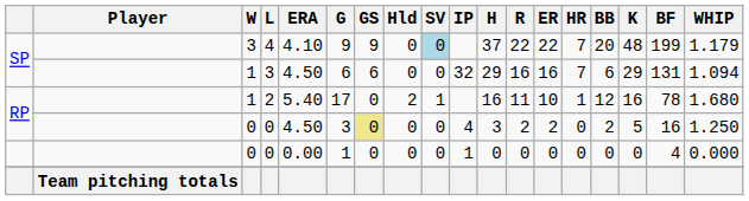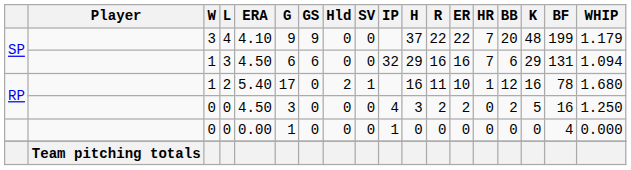 <table class="wikitable sortable sticky-header" style="text-align:right; font-size:88%;">
 <tr>
 <th></th>
 <th>Player</th>
 <th>W</th>
 <th>L</th>
 <th>ERA</th>
 <th>G</th>
 <th>GS</th>
 <th>Hld</th>
 <th>SV</th>
 <th>IP</th>
 <th>H</th>
 <th>R</th>
 <th>ER</th>
 <th>HR</th>
 <th>BB</th>
 <th>K</th>
 <th>BF</th>
 <th>WHIP</th>
 </tr>
 <tr>
 <td rowspan="2" align=center><a href='#'>SP</a></td>
 <td style=text-align:left></td>
 <td>3</td>
 <td>4</td>
 <td>4.10</td>
 <td>9</td>
 <td>9</td>
 <td>0</td>
-<td style="background: lightblue;">0</td>
+<td>0</td>
 <td></td>
 <td>37</td>
 <td>22</td>
 <td>22</td>
 <td>7</td>
 <td>20</td>
 <td>48</td>
 <td>199</td>
 <td>1.179</td>
 </tr>
 <tr>
 <td style=text-align:left></td>
 <td>1</td>
 <td>3</td>
 <td>4.50</td>
 <td>6</td>
 <td>6</td>
 <td>0</td>
 <td>0</td>
 <td>32</td>
 <td>29</td>
 <td>16</td>
 <td>16</td>
 <td>7</td>
 <td>6</td>
 <td>29</td>
 <td>131</td>
 <td>1.094</td>
 </tr>
 <tr>
 <td rowspan="2" align=center><a href='#'>RP</a></td>
 <td style=text-align:left></td>
 <td>1</td>
 <td>2</td>
 <td>5.40</td>
 <td>17</td>
 <td>0</td>
 <td>2</td>
 <td>1</td>
 <td></td>
 <td>16</td>
 <td>11</td>
 <td>10</td>
 <td>1</td>
 <td>12</td>
 <td>16</td>
 <td>78</td>
 <td>1.680</td>
 </tr>
 <tr>
 <td style=text-align:left></td>
 <td>0</td>
 <td>0</td>
 <td>4.50</td>
 <td>3</td>
-<td style="background: khaki;">0</td>
+<td>0</td>
 <td>0</td>
 <td>0</td>
 <td>4</td>
 <td>3</td>
 <td>2</td>
 <td>2</td>
 <td>0</td>
 <td>2</td>
 <td>5</td>
 <td>16</td>
 <td>1.250</td>
 </tr>
 <tr>
 <td align=center></td>
 <td style=text-align:left></td>
 <td>0</td>
 <td>0</td>
 <td>0.00</td>
 <td>1</td>
 <td>0</td>
 <td>0</td>
 <td>0</td>
 <td>1</td>
 <td>0</td>
 <td>0</td>
 <td>0</td>
 <td>0</td>
 <td>0</td>
 <td>0</td>
 <td>4</td>
 <td>0.000</td>
 </tr>
 <tr>
 </tr>
 <tr class="sortbottom">
 <th></th>
 <th>Team pitching totals</th>
 <th></th>
 <th></th>
 <th></th>
 <th></th>
 <th></th>
 <th></th>
 <th></th>
 <th></th>
 <th></th>
 <th></th>
 <th></th>
 <th></th>
 <th></th>
 <th></th>
 <th></th>
 <th></th>
 </tr>
 </table>
